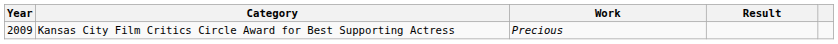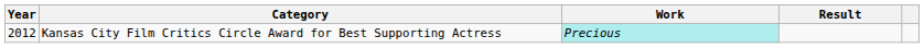 <table class="wikitable">
 <tr>
 <th scope="col" style="width:1em;">Year</th>
 <th scope="col" style="width:44em;">Category</th>
 <th scope="col" style="width:18em;">Work</th>
 <th scope="col" style="width:10em;">Result</th>
 <th class="unsortable" style="width:1em;"></th>
 </tr>
 <tr>
-<td>2009</td>
+<td>2012</td>
 <td>Kansas City Film Critics Circle Award for Best Supporting Actress</td>
-<td><em>Precious</em></td>
+<td style="background: paleturquoise;"><em>Precious</em></td>
 <td></td>
 <td></td>
 </tr>
 </table>
